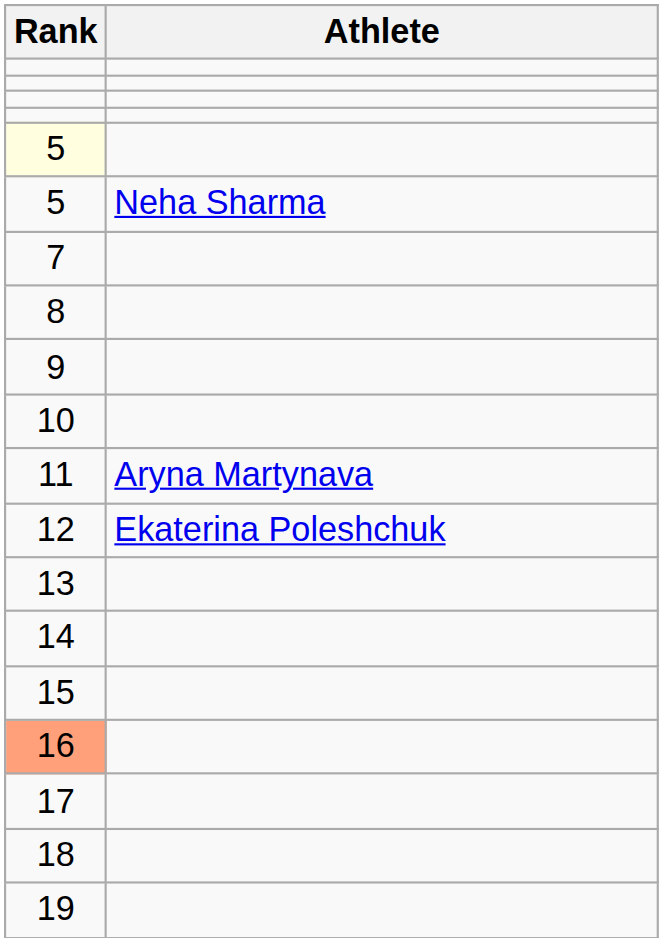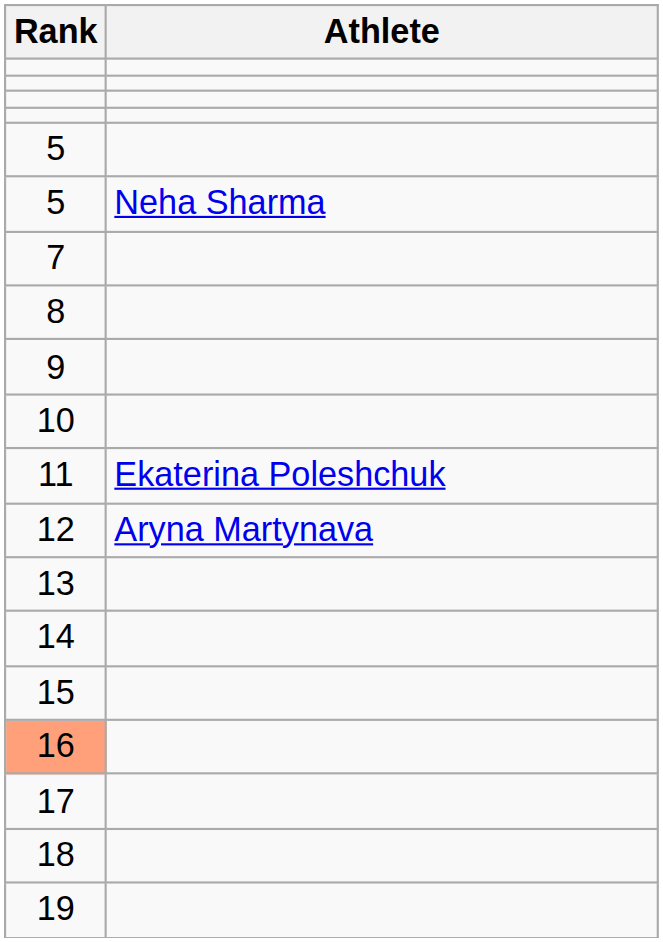 <table class="wikitable" style="text-align: center;">
 <tr>
 <th width=40>Rank</th>
 <th width=250>Athlete</th>
 </tr>
 <tr>
 <td></td>
 <td align="left"></td>
 </tr>
 <tr>
 <td></td>
 <td align="left"></td>
 </tr>
 <tr>
 <td></td>
 <td align="left"></td>
 </tr>
 <tr>
 <td></td>
 <td align="left"></td>
 </tr>
 <tr>
-<td style="background: lightyellow;">5</td>
+<td>5</td>
 <td align="left"></td>
 </tr>
 <tr>
 <td>5</td>
 <td align="left"> <a href='#'>Neha Sharma</a> </td>
 </tr>
 <tr>
 <td>7</td>
 <td align="left"></td>
 </tr>
 <tr>
 <td>8</td>
 <td align="left"></td>
 </tr>
 <tr>
 <td>9</td>
 <td align="left"></td>
 </tr>
 <tr>
 <td>10</td>
 <td align="left"></td>
 </tr>
 <tr>
 <td>11</td>
-<td align="left"> <a href='#'>Aryna Martynava</a> </td>
+<td align="left"> <a href='#'>Ekaterina Poleshchuk</a> </td>
 </tr>
 <tr>
 <td>12</td>
-<td align="left"> <a href='#'>Ekaterina Poleshchuk</a> </td>
+<td align="left"> <a href='#'>Aryna Martynava</a> </td>
 </tr>
 <tr>
 <td>13</td>
 <td align="left"></td>
 </tr>
 <tr>
 <td>14</td>
 <td align="left"></td>
 </tr>
 <tr>
 <td>15</td>
 <td align="left"></td>
 </tr>
 <tr>
 <td style="background: lightsalmon;">16</td>
 <td align="left"></td>
 </tr>
 <tr>
 <td>17</td>
 <td align="left"></td>
 </tr>
 <tr>
 <td>18</td>
 <td align="left"></td>
 </tr>
 <tr>
 <td>19</td>
 <td align="left"></td>
 </tr>
 </table>
